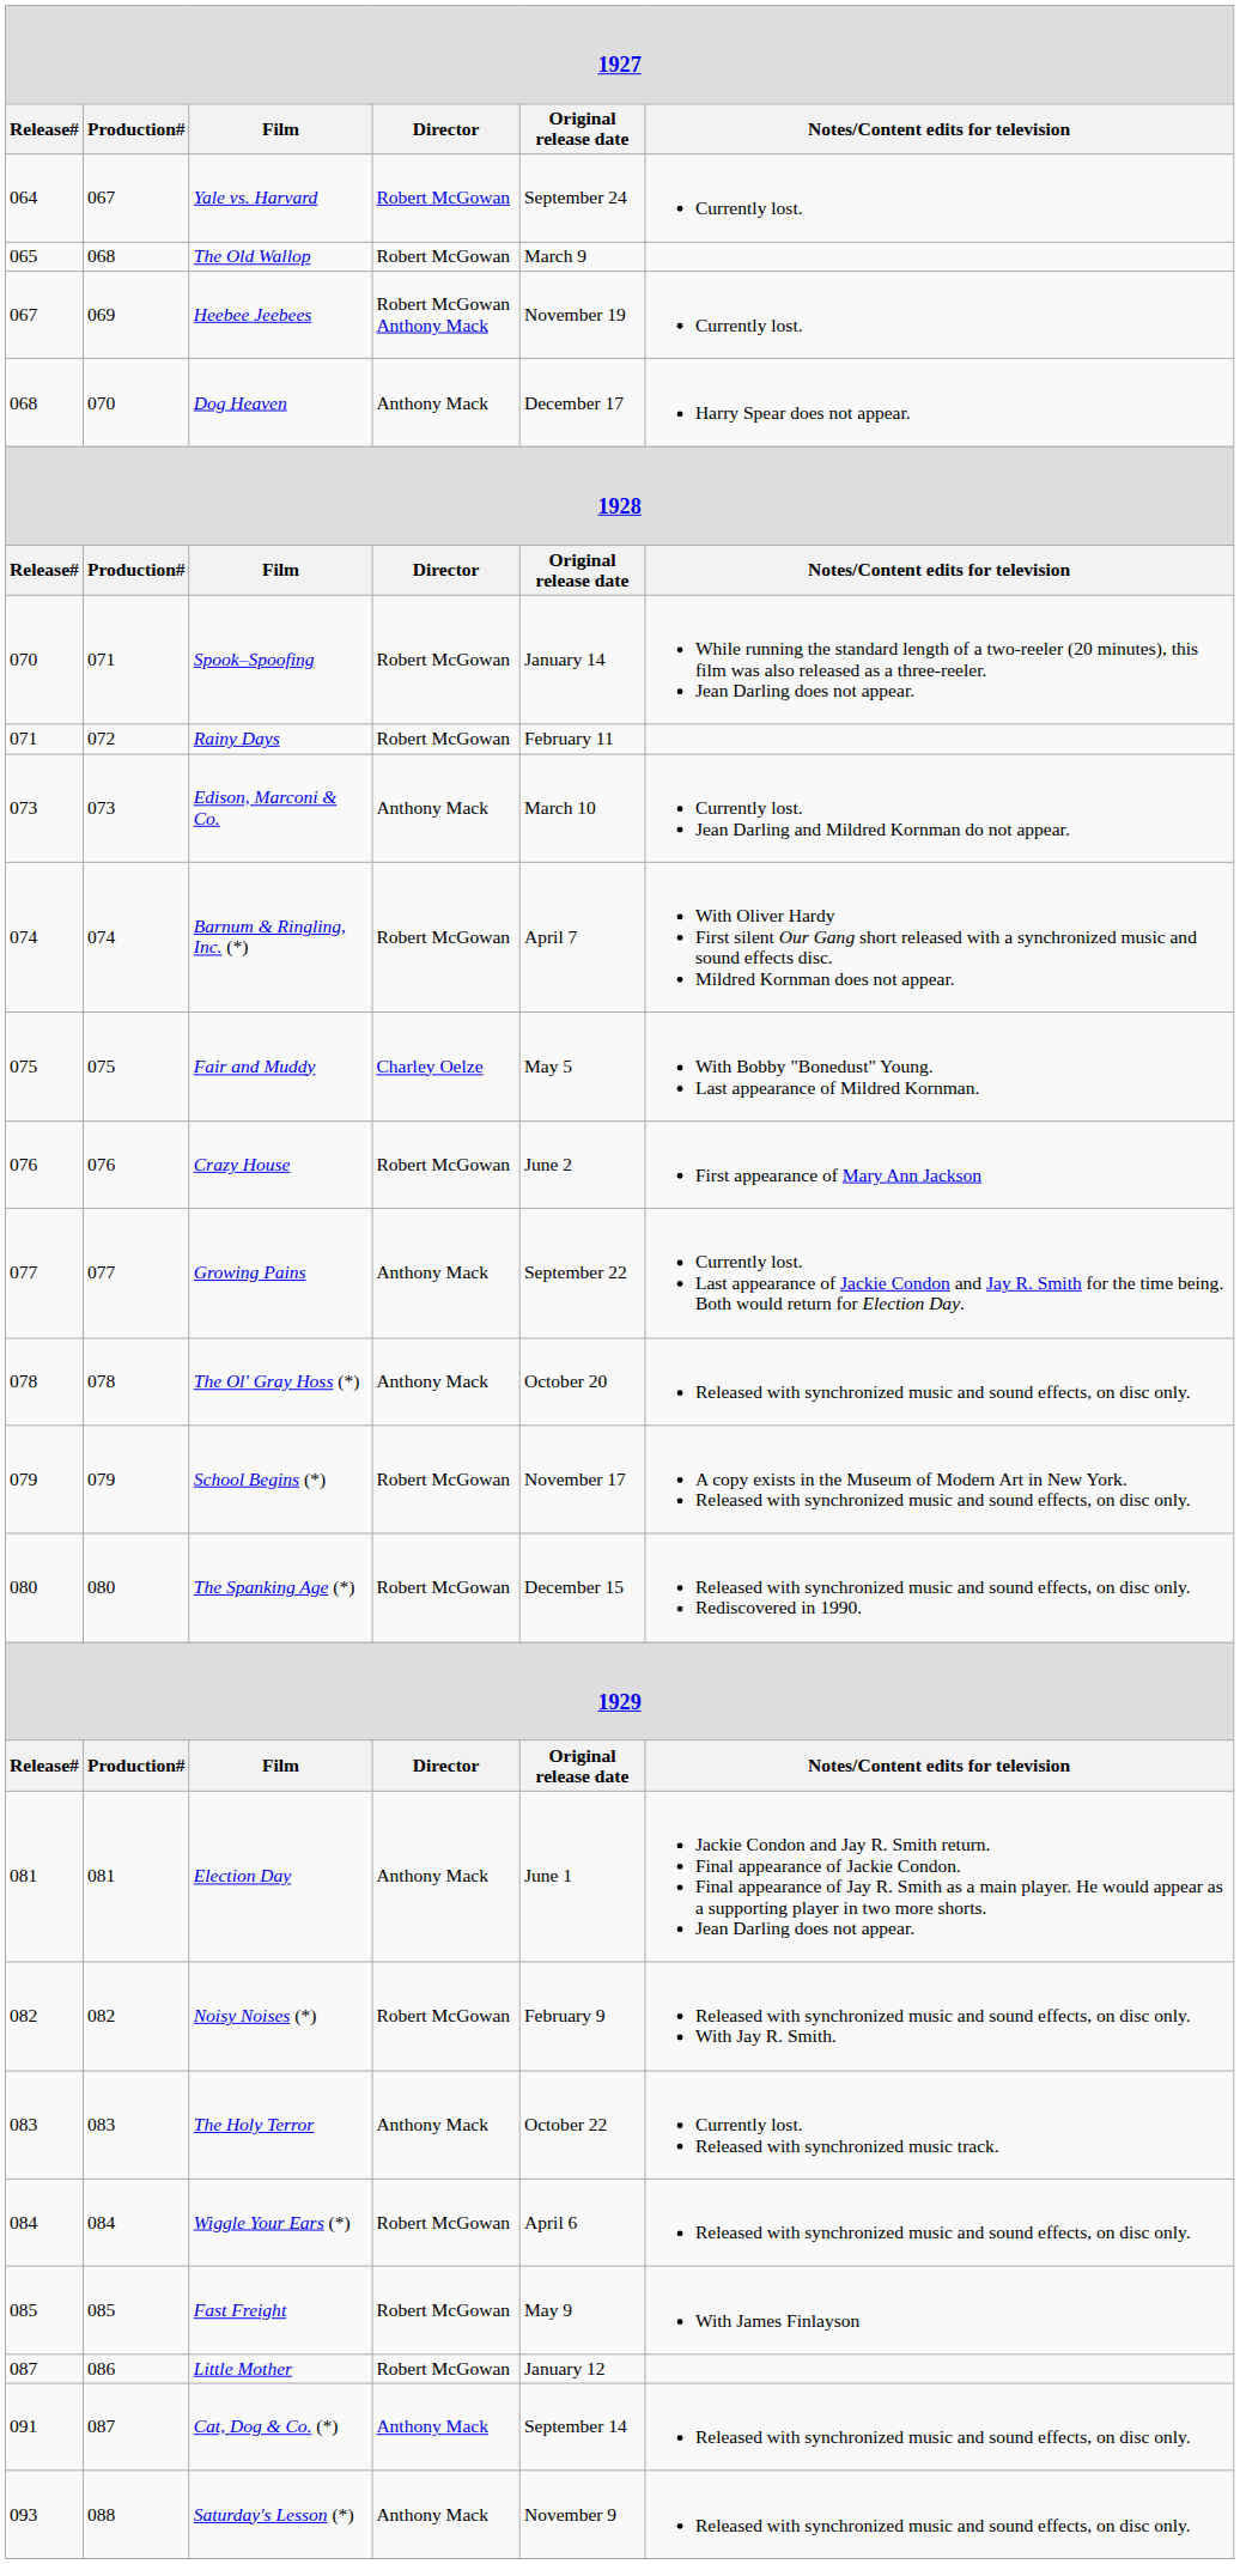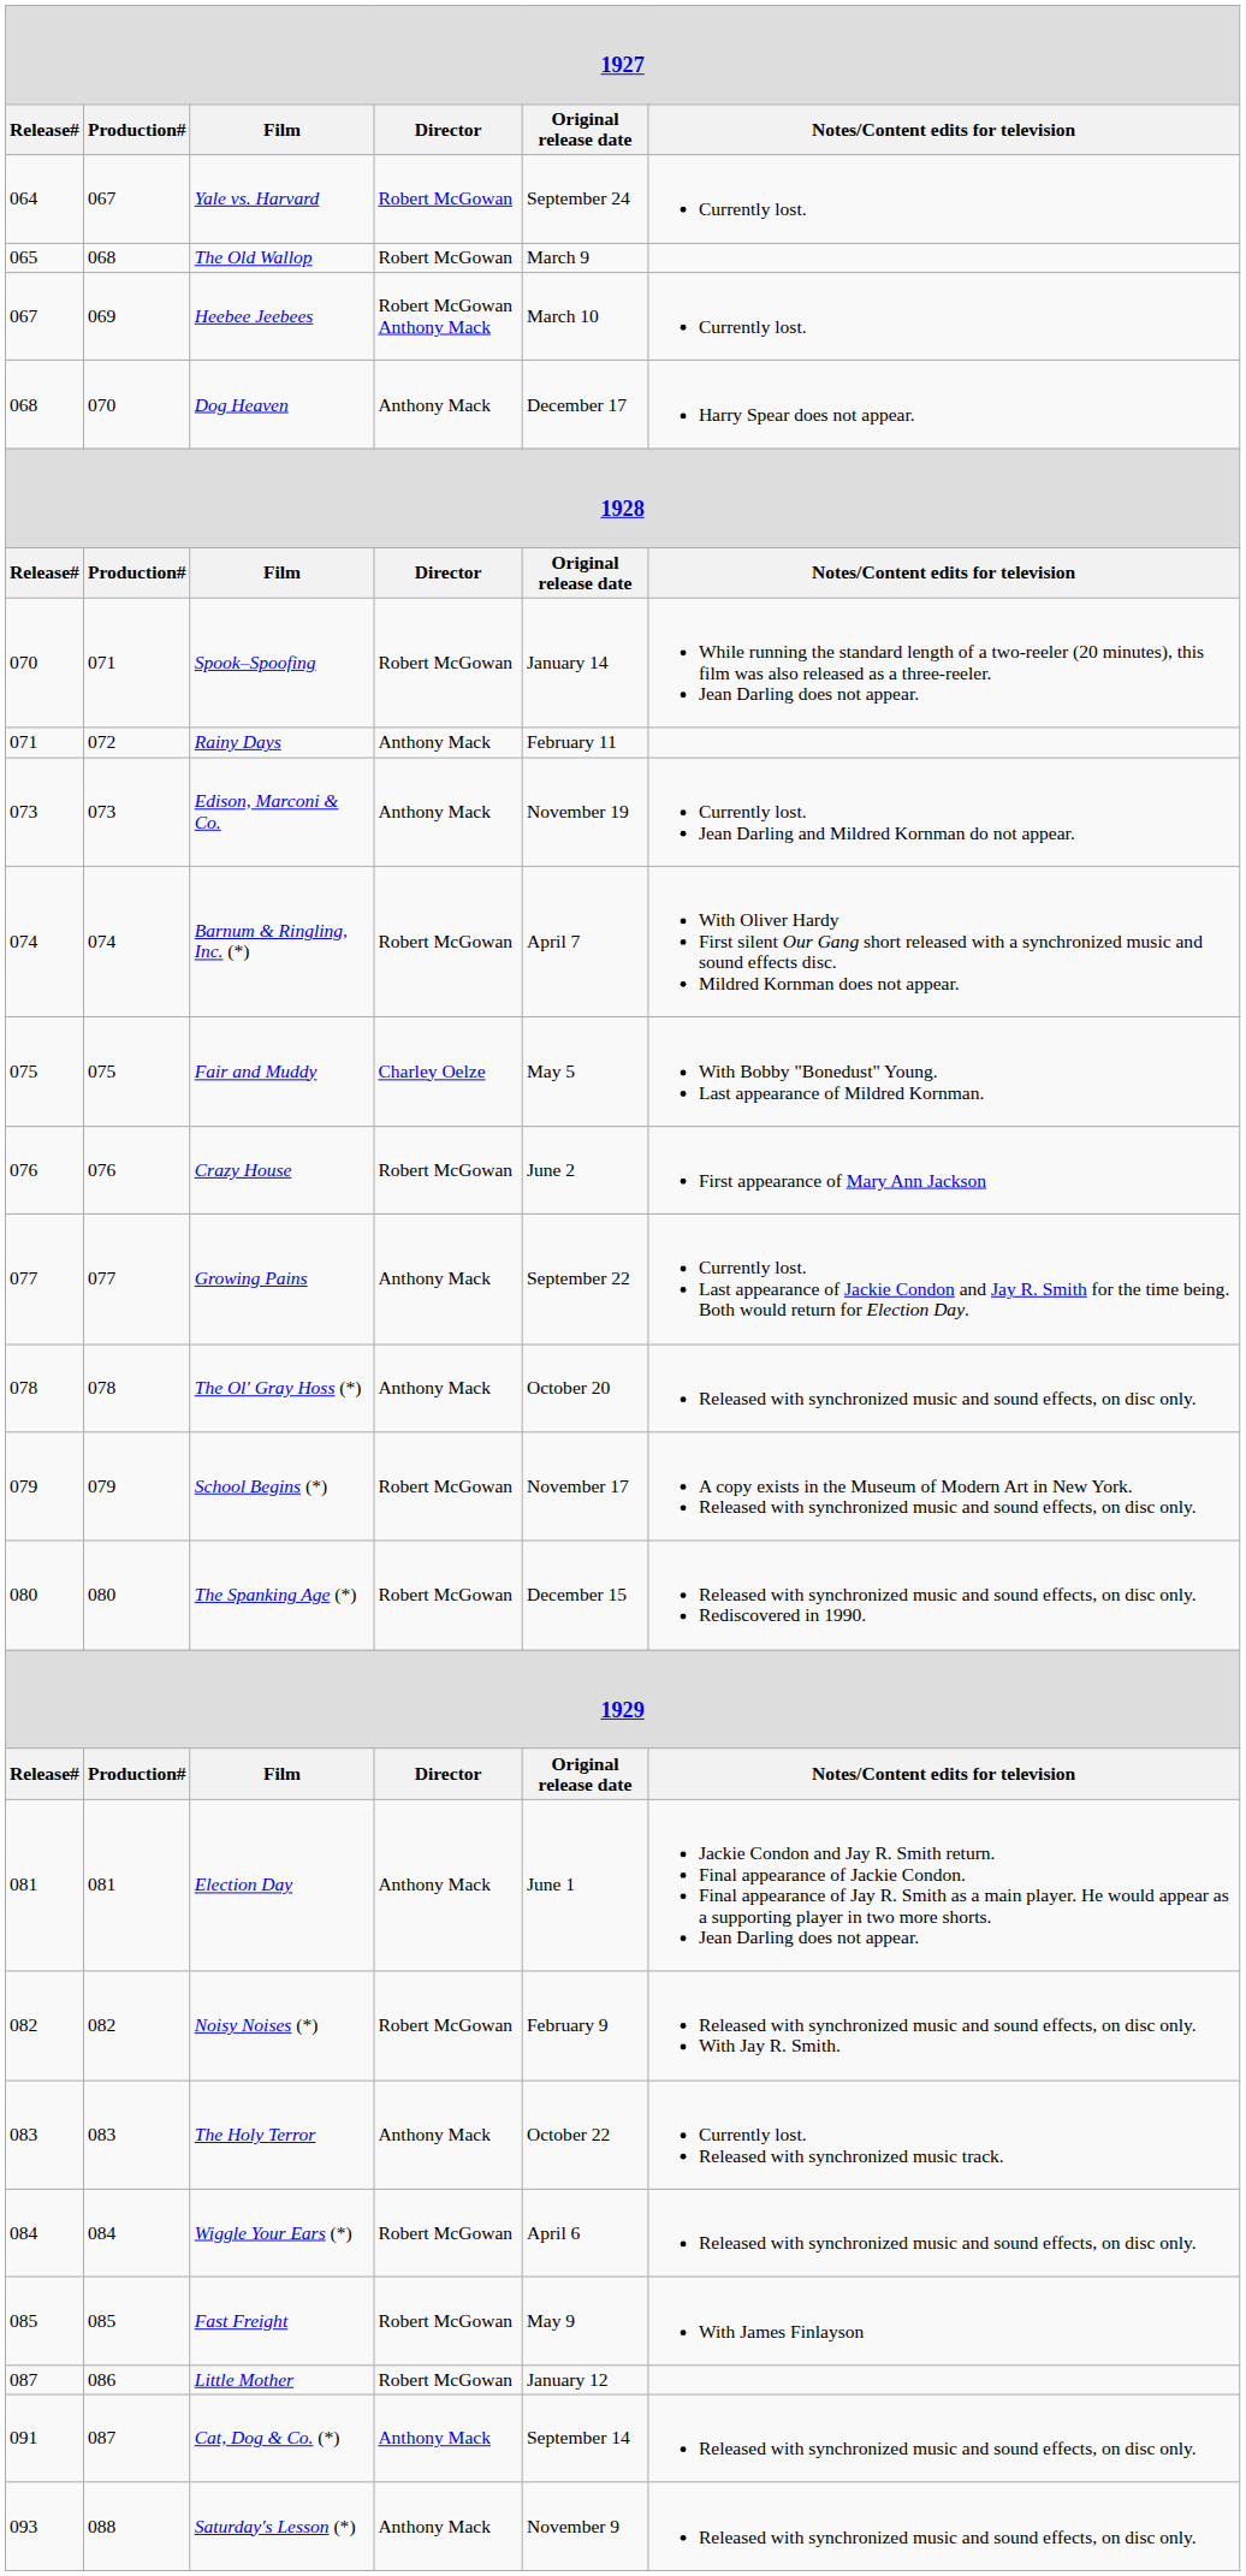 <table class="wikitable" margin:auto;">
 <tr>
 <td colspan=6 align=center bgcolor=#DDDDDD><br><h3><a href='#'>1927</a></h3></td>
 </tr>
 <tr>
 <th width="50">Release#</th>
 <th width="50">Production#</th>
 <th width="150">Film</th>
 <th width="120">Director</th>
 <th width="100">Original release date</th>
 <th width="500">Notes/Content edits for television</th>
 </tr>
 <tr>
 <td>064</td>
 <td>067</td>
 <td><em><a href='#'>Yale vs. Harvard</a></em></td>
 <td><a href='#'>Robert McGowan</a></td>
 <td>September 24</td>
 <td><br><ul><li>Currently lost.</li></ul></td>
 </tr>
 <tr>
 <td>065</td>
 <td>068</td>
 <td><em><a href='#'>The Old Wallop</a></em></td>
 <td>Robert McGowan</td>
 <td>March 9</td>
 <td></td>
 </tr>
 <tr>
 <td>067</td>
 <td>069</td>
 <td><em><a href='#'>Heebee Jeebees</a></em></td>
 <td>Robert McGowan<br><a href='#'>Anthony Mack</a></td>
-<td>November 19</td>
+<td>March 10</td>
 <td><br><ul><li>Currently lost.</li></ul></td>
 </tr>
 <tr>
 <td>068</td>
 <td>070</td>
 <td><em><a href='#'>Dog Heaven</a></em></td>
 <td>Anthony Mack</td>
 <td>December 17</td>
 <td><br><ul><li>Harry Spear does not appear.</li></ul></td>
 </tr>
 <tr>
 <td colspan=6 align=center bgcolor=#DDDDDD><br><h3><a href='#'>1928</a></h3></td>
 </tr>
 <tr>
 <th width="50">Release#</th>
 <th width="50">Production#</th>
 <th width="150">Film</th>
 <th width="120">Director</th>
 <th width="100">Original release date</th>
 <th width="500">Notes/Content edits for television</th>
 </tr>
 <tr>
 <td>070</td>
 <td>071</td>
 <td><em><a href='#'>Spook–Spoofing</a></em></td>
 <td>Robert McGowan</td>
 <td>January 14</td>
 <td><br><ul><li>While running the standard length of a two-reeler (20 minutes), this film was also released as a three-reeler.</li><li>Jean Darling does not appear.</li></ul></td>
 </tr>
 <tr>
 <td>071</td>
 <td>072</td>
 <td><em><a href='#'>Rainy Days</a></em></td>
-<td>Robert McGowan</td>
+<td>Anthony Mack</td>
 <td>February 11</td>
 <td></td>
 </tr>
 <tr>
 <td>073</td>
 <td>073</td>
 <td><em><a href='#'>Edison, Marconi & Co.</a></em></td>
 <td>Anthony Mack</td>
-<td>March 10</td>
+<td>November 19</td>
 <td><br><ul><li>Currently lost.</li><li>Jean Darling and Mildred Kornman do not appear.</li></ul></td>
 </tr>
 <tr>
 <td>074</td>
 <td>074</td>
 <td><em><a href='#'>Barnum & Ringling, Inc.</a></em> (*)</td>
 <td>Robert McGowan</td>
 <td>April 7</td>
 <td><br><ul><li>With Oliver Hardy</li><li>First silent <em>Our Gang</em> short released with a synchronized music and sound effects disc.</li><li>Mildred Kornman does not appear.</li></ul></td>
 </tr>
 <tr>
 <td>075</td>
 <td>075</td>
 <td><em><a href='#'>Fair and Muddy</a></em></td>
 <td><a href='#'>Charley Oelze</a></td>
 <td>May 5</td>
 <td><br><ul><li>With Bobby "Bonedust" Young.</li><li>Last appearance of Mildred Kornman.</li></ul></td>
 </tr>
 <tr>
 <td>076</td>
 <td>076</td>
 <td><em><a href='#'>Crazy House</a></em></td>
 <td>Robert McGowan</td>
 <td>June 2</td>
 <td><br><ul><li>First appearance of <a href='#'>Mary Ann Jackson</a></li></ul></td>
 </tr>
 <tr>
 <td>077</td>
 <td>077</td>
 <td><em><a href='#'>Growing Pains</a></em></td>
 <td>Anthony Mack</td>
 <td>September 22</td>
 <td><br><ul><li>Currently lost.</li><li>Last appearance of <a href='#'>Jackie Condon</a> and <a href='#'>Jay R. Smith</a> for the time being. Both would return for <em>Election Day</em>.</li></ul></td>
 </tr>
 <tr>
 <td>078</td>
 <td>078</td>
 <td><em><a href='#'>The Ol' Gray Hoss</a></em> (*)</td>
 <td>Anthony Mack</td>
 <td>October 20</td>
 <td><br><ul><li>Released with synchronized music and sound effects, on disc only.</li></ul></td>
 </tr>
 <tr>
 <td>079</td>
 <td>079</td>
 <td><em><a href='#'>School Begins</a></em> (*)</td>
 <td>Robert McGowan</td>
 <td>November 17</td>
 <td><br><ul><li>A copy exists in the Museum of Modern Art in New York.</li><li>Released with synchronized music and sound effects, on disc only.</li></ul></td>
 </tr>
 <tr>
 <td>080</td>
 <td>080</td>
 <td><em><a href='#'>The Spanking Age</a></em> (*)</td>
 <td>Robert McGowan</td>
 <td>December 15</td>
 <td><br><ul><li>Released with synchronized music and sound effects, on disc only.</li><li>Rediscovered in 1990.</li></ul></td>
 </tr>
 <tr>
 <td colspan=6 align=center bgcolor=#DDDDDD><br><h3><a href='#'>1929</a></h3></td>
 </tr>
 <tr>
 <th width="50">Release#</th>
 <th width="50">Production#</th>
 <th width="150">Film</th>
 <th width="120">Director</th>
 <th width="100">Original release date</th>
 <th width="500">Notes/Content edits for television</th>
 </tr>
 <tr>
 <td>081</td>
 <td>081</td>
 <td><em><a href='#'>Election Day</a></em></td>
 <td>Anthony Mack</td>
 <td>June 1</td>
 <td><br><ul><li>Jackie Condon and Jay R. Smith return.</li><li>Final appearance of Jackie Condon.</li><li>Final appearance of Jay R. Smith as a main player. He would appear as a supporting player in two more shorts.</li><li>Jean Darling does not appear.</li></ul></td>
 </tr>
 <tr>
 <td>082</td>
 <td>082</td>
 <td><em><a href='#'>Noisy Noises</a></em> (*)</td>
 <td>Robert McGowan</td>
 <td>February 9</td>
 <td><br><ul><li>Released with synchronized music and sound effects, on disc only.</li><li>With Jay R. Smith.</li></ul></td>
 </tr>
 <tr>
 <td>083</td>
 <td>083</td>
 <td><em><a href='#'>The Holy Terror</a></em></td>
 <td>Anthony Mack</td>
 <td>October 22</td>
 <td><br><ul><li>Currently lost.</li><li>Released with synchronized music track.</li></ul></td>
 </tr>
 <tr>
 <td>084</td>
 <td>084</td>
 <td><em><a href='#'>Wiggle Your Ears</a></em> (*)</td>
 <td>Robert McGowan</td>
 <td>April 6</td>
 <td><br><ul><li>Released with synchronized music and sound effects, on disc only.</li></ul></td>
 </tr>
 <tr>
 <td>085</td>
 <td>085</td>
 <td><em><a href='#'>Fast Freight</a></em></td>
 <td>Robert McGowan</td>
 <td>May 9</td>
 <td><br><ul><li>With James Finlayson</li></ul></td>
 </tr>
 <tr>
 <td>087</td>
 <td>086</td>
 <td><em><a href='#'>Little Mother</a></em></td>
 <td>Robert McGowan</td>
 <td>January 12</td>
 <td></td>
 </tr>
 <tr>
 <td>091</td>
 <td>087</td>
 <td><em><a href='#'>Cat, Dog & Co.</a></em> (*)</td>
 <td><a href='#'>Anthony Mack</a></td>
 <td>September 14</td>
 <td><br><ul><li>Released with synchronized music and sound effects, on disc only.</li></ul></td>
 </tr>
 <tr>
 <td>093</td>
 <td>088</td>
 <td><em><a href='#'>Saturday's Lesson</a></em> (*)</td>
 <td>Anthony Mack</td>
 <td>November 9</td>
 <td><br><ul><li>Released with synchronized music and sound effects, on disc only.</li></ul></td>
 </tr>
 <tr>
 </tr>
 </table>
